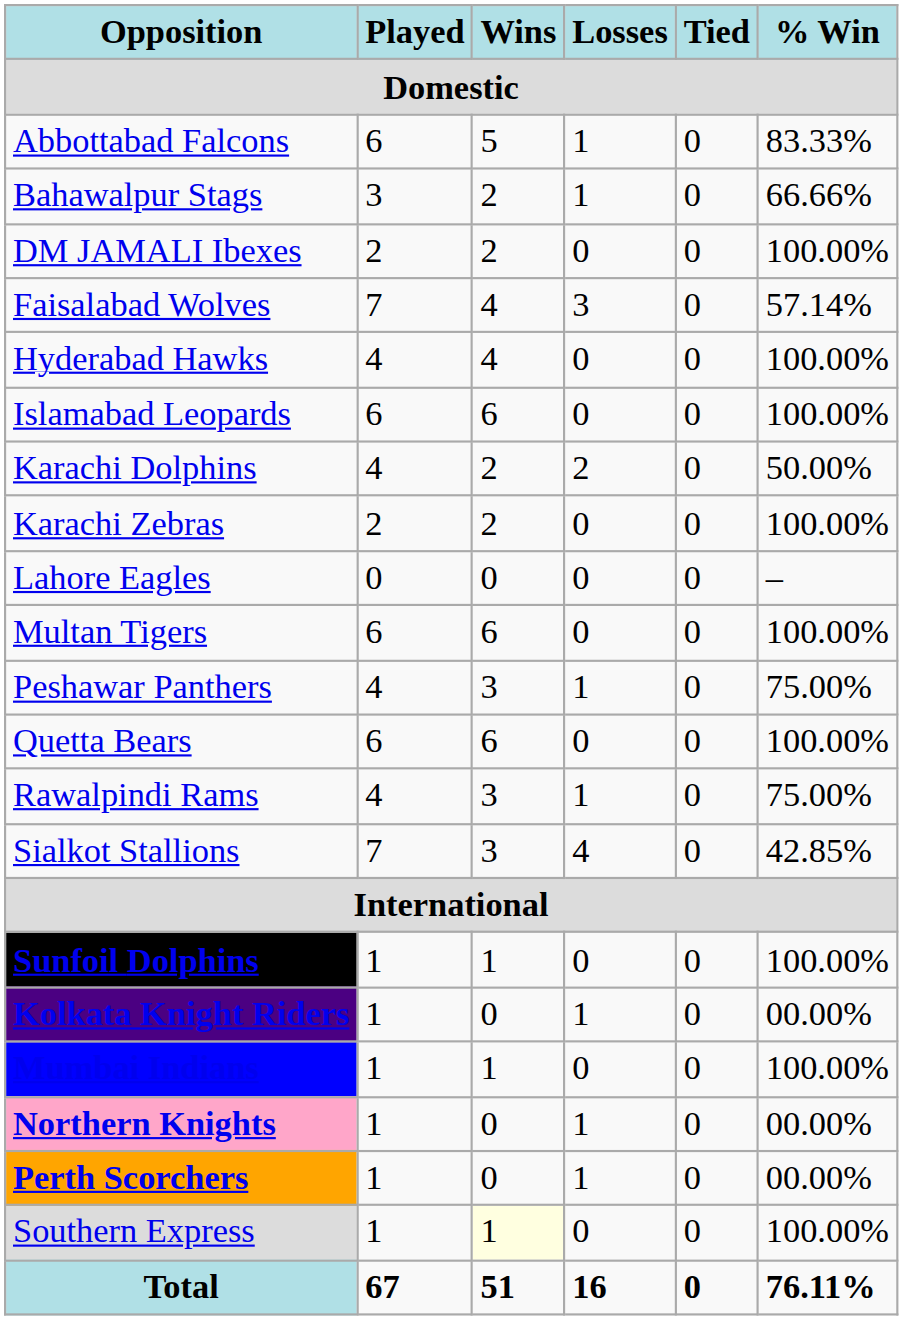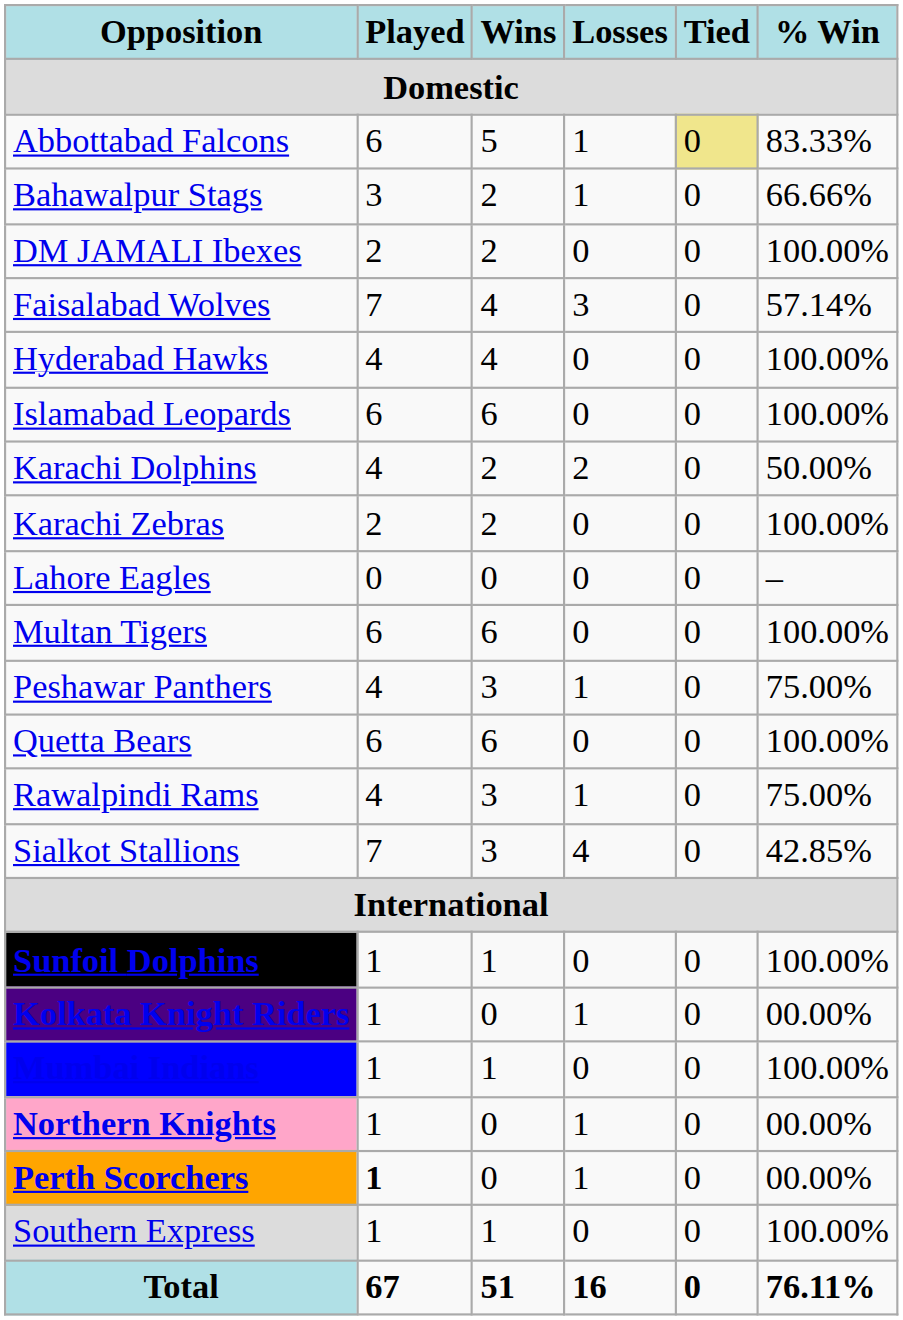 <table class="wikitable sortable">
 <tr>
 <th style="background:#b0e0e6; color:#000;">Opposition</th>
 <th style="background:#b0e0e6; color:#000;">Played</th>
 <th style="background:#b0e0e6; color:#000;">Wins</th>
 <th style="background:#b0e0e6; color:#000;">Losses</th>
 <th style="background:#b0e0e6; color:#000;">Tied</th>
 <th style="background:#b0e0e6; color:#000;">% Win</th>
 </tr>
 <tr>
 <th colspan="7"  style="background:#dcdcdc; text-align:center;">Domestic</th>
 </tr>
 <tr>
 <td> <a href='#'>Abbottabad Falcons</a></td>
 <td>6</td>
 <td>5</td>
 <td>1</td>
-<td>0</td>
+<td style="background: khaki;">0</td>
 <td>83.33%</td>
 </tr>
 <tr>
 <td> <a href='#'>Bahawalpur Stags</a></td>
 <td>3</td>
 <td>2</td>
 <td>1</td>
 <td>0</td>
 <td>66.66%</td>
 </tr>
 <tr>
 <td> <a href='#'>DM JAMALI Ibexes</a></td>
 <td>2</td>
 <td>2</td>
 <td>0</td>
 <td>0</td>
 <td>100.00%</td>
 </tr>
 <tr>
 <td> <a href='#'>Faisalabad Wolves</a></td>
 <td>7</td>
 <td>4</td>
 <td>3</td>
 <td>0</td>
 <td>57.14%</td>
 </tr>
 <tr>
 <td> <a href='#'>Hyderabad Hawks</a></td>
 <td>4</td>
 <td>4</td>
 <td>0</td>
 <td>0</td>
 <td>100.00%</td>
 </tr>
 <tr>
 <td> <a href='#'>Islamabad Leopards</a></td>
 <td>6</td>
 <td>6</td>
 <td>0</td>
 <td>0</td>
 <td>100.00%</td>
 </tr>
 <tr>
 <td> <a href='#'>Karachi Dolphins</a></td>
 <td>4</td>
 <td>2</td>
 <td>2</td>
 <td>0</td>
 <td>50.00%</td>
 </tr>
 <tr>
 <td> <a href='#'>Karachi Zebras</a></td>
 <td>2</td>
 <td>2</td>
 <td>0</td>
 <td>0</td>
 <td>100.00%</td>
 </tr>
 <tr>
 <td> <a href='#'>Lahore Eagles</a></td>
 <td>0</td>
 <td>0</td>
 <td>0</td>
 <td>0</td>
 <td>–</td>
 </tr>
 <tr>
 <td> <a href='#'>Multan Tigers</a></td>
 <td>6</td>
 <td>6</td>
 <td>0</td>
 <td>0</td>
 <td>100.00%</td>
 </tr>
 <tr>
 <td> <a href='#'>Peshawar Panthers</a></td>
 <td>4</td>
 <td>3</td>
 <td>1</td>
 <td>0</td>
 <td>75.00%</td>
 </tr>
 <tr>
 <td> <a href='#'>Quetta Bears</a></td>
 <td>6</td>
 <td>6</td>
 <td>0</td>
 <td>0</td>
 <td>100.00%</td>
 </tr>
 <tr>
 <td> <a href='#'>Rawalpindi Rams</a></td>
 <td>4</td>
 <td>3</td>
 <td>1</td>
 <td>0</td>
 <td>75.00%</td>
 </tr>
 <tr>
 <td> <a href='#'>Sialkot Stallions</a></td>
 <td>7</td>
 <td>3</td>
 <td>4</td>
 <td>0</td>
 <td>42.85%</td>
 </tr>
 <tr>
 <th colspan="7"  style="background:#dcdcdc; text-align:center;">International</th>
 </tr>
 <tr>
 <th style="background:black; text-align:left;"> <a href='#'><span>Sunfoil </span><span>Dolphins</span></a></th>
 <td>1</td>
 <td>1</td>
 <td>0</td>
 <td>0</td>
 <td>100.00%</td>
 </tr>
 <tr>
 <th style="background:indigo; text-align:left;"> <a href='#'><span>Kolkata Knight Riders</span></a></th>
 <td>1</td>
 <td>0</td>
 <td>1</td>
 <td>0</td>
 <td>00.00%</td>
 </tr>
 <tr>
 <th style="text-align:left; background:blue;"> <a href='#'><span>Mumbai Indians</span></a></th>
 <td>1</td>
 <td>1</td>
 <td>0</td>
 <td>0</td>
 <td>100.00%</td>
 </tr>
 <tr>
 <th style="background:#ffa6c9; text-align:left;"> <a href='#'><span>Northern Knights</span></a></th>
 <td>1</td>
 <td>0</td>
 <td>1</td>
 <td>0</td>
 <td>00.00%</td>
 </tr>
 <tr>
 <th style="background:orange; text-align:left;"> <a href='#'><span>Perth Scorchers</span></a></th>
-<td>1</td>
+<td><strong>1</strong></td>
 <td>0</td>
 <td>1</td>
 <td>0</td>
 <td>00.00%</td>
 </tr>
 <tr>
 <td style="background:#DCDCDC; text-align:left;"> <a href='#'>Southern Express</a></td>
 <td>1</td>
-<td style="background: lightyellow;">1</td>
+<td>1</td>
 <td>0</td>
 <td>0</td>
 <td>100.00%</td>
 </tr>
 <tr>
 <th style="background:#b0e0e6; color:#000;">Total</th>
 <td><strong>67</strong></td>
 <td><strong>51</strong></td>
 <td><strong>16</strong></td>
 <td><strong>0</strong></td>
 <td><strong>76.11%</strong></td>
 </tr>
 </table>
